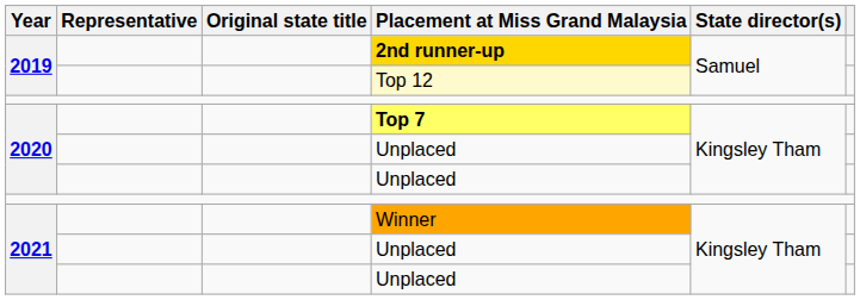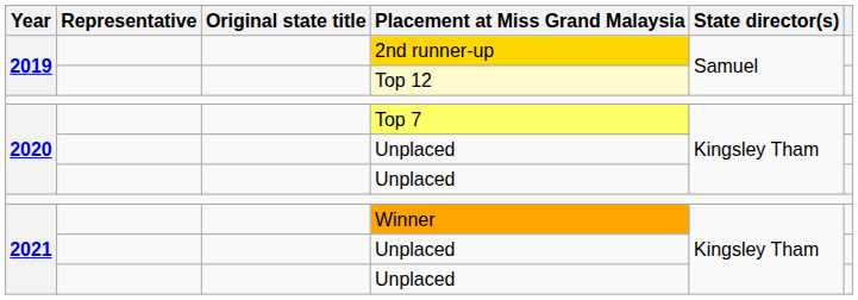 <table class="wikitable defaultcenter col2left" style="font-size:95%;">
 <tr>
 <th>Year</th>
 <th>Representative</th>
 <th>Original state title</th>
 <th>Placement at Miss Grand Malaysia</th>
 <th>State director(s)</th>
 <th></th>
 </tr>
 <tr>
 <th rowspan=2><a href='#'>2019</a></th>
 <td></td>
 <td></td>
-<td bgcolor=gold><strong>2nd runner-up</strong></td>
+<td bgcolor=gold>2nd runner-up</td>
 <td rowspan=2>Samuel</td>
 <td></td>
 </tr>
 <tr>
 <td></td>
 <td></td>
 <td bgcolor=#FFFACD>Top 12</td>
 <td></td>
 </tr>
 <tr>
 <td colspan=6></td>
 </tr>
 <tr>
 <th rowspan=3><a href='#'>2020</a></th>
 <td></td>
 <td></td>
-<td bgcolor=#FFFF66><strong>Top 7</strong></td>
+<td bgcolor=#FFFF66>Top 7</td>
 <td rowspan=3>Kingsley Tham</td>
 <td></td>
 </tr>
 <tr>
 <td></td>
 <td></td>
 <td>Unplaced</td>
 <td></td>
 </tr>
 <tr>
 <td></td>
 <td></td>
 <td>Unplaced</td>
 <td></td>
 </tr>
 <tr>
 <td colspan=6></td>
 </tr>
 <tr>
 <th rowspan=3><a href='#'>2021</a></th>
 <td></td>
 <td></td>
 <td bgcolor=Orange>Winner</td>
 <td rowspan=3>Kingsley Tham</td>
 <td></td>
 </tr>
 <tr>
 <td></td>
 <td></td>
 <td>Unplaced</td>
 <td></td>
 </tr>
 <tr>
 <td></td>
 <td></td>
 <td>Unplaced</td>
 <td></td>
 </tr>
 </table>
